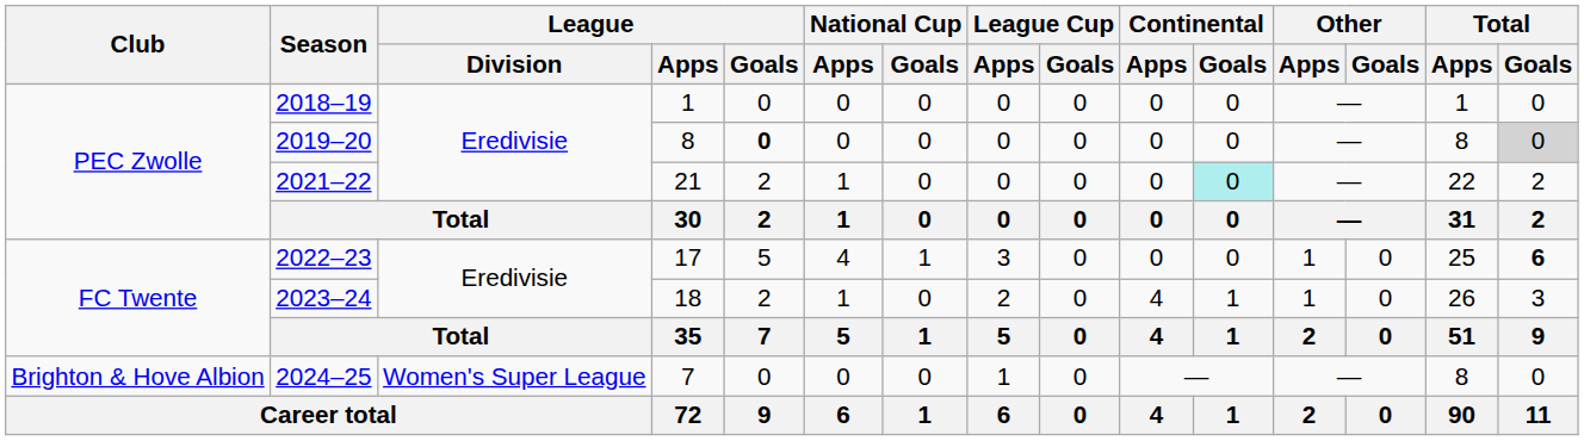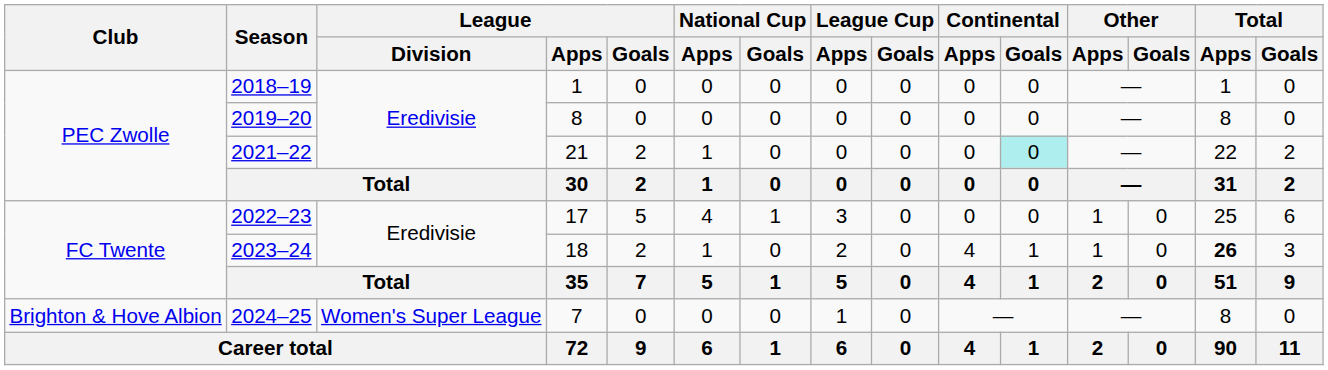 <table class="wikitable" Style="text-align: center">
 <tr>
 <th rowspan="2">Club</th>
 <th rowspan="2">Season</th>
 <th colspan="3">League</th>
 <th colspan="2">National Cup</th>
 <th colspan="2">League Cup</th>
 <th colspan="2">Continental</th>
 <th colspan="2">Other</th>
 <th colspan="2">Total</th>
 </tr>
 <tr>
 <th>Division</th>
 <th>Apps</th>
 <th>Goals</th>
 <th>Apps</th>
 <th>Goals</th>
 <th>Apps</th>
 <th>Goals</th>
 <th>Apps</th>
 <th>Goals</th>
 <th>Apps</th>
 <th>Goals</th>
 <th>Apps</th>
 <th>Goals</th>
 </tr>
 <tr>
 <td rowspan="4"><a href='#'>PEC Zwolle</a></td>
 <td><a href='#'>2018–19</a></td>
 <td rowspan="3"><a href='#'>Eredivisie</a></td>
 <td>1</td>
 <td>0</td>
 <td>0</td>
 <td>0</td>
 <td>0</td>
 <td>0</td>
 <td>0</td>
 <td>0</td>
 <td colspan="2">—</td>
 <td>1</td>
 <td>0</td>
 </tr>
 <tr>
 <td><a href='#'>2019–20</a></td>
 <td>8</td>
-<td><strong>0</strong></td>
+<td>0</td>
 <td>0</td>
 <td>0</td>
 <td>0</td>
 <td>0</td>
 <td>0</td>
 <td>0</td>
 <td colspan="2">—</td>
 <td>8</td>
-<td style="background: lightgrey;">0</td>
+<td>0</td>
 </tr>
 <tr>
 <td><a href='#'>2021–22</a></td>
 <td>21</td>
 <td>2</td>
 <td>1</td>
 <td>0</td>
 <td>0</td>
 <td>0</td>
 <td>0</td>
 <td style="background: paleturquoise;">0</td>
 <td colspan="2">—</td>
 <td>22</td>
 <td>2</td>
 </tr>
 <tr>
 <th colspan="2">Total</th>
 <th>30</th>
 <th>2</th>
 <th>1</th>
 <th>0</th>
 <th>0</th>
 <th>0</th>
 <th>0</th>
 <th>0</th>
 <th colspan="2">—</th>
 <th>31</th>
 <th>2</th>
 </tr>
 <tr>
 <td rowspan="3"><a href='#'>FC Twente</a></td>
 <td><a href='#'>2022–23</a></td>
 <td rowspan="2">Eredivisie</td>
 <td>17</td>
 <td>5</td>
 <td>4</td>
 <td>1</td>
 <td>3</td>
 <td>0</td>
 <td>0</td>
 <td>0</td>
 <td>1</td>
 <td>0</td>
 <td>25</td>
-<td><strong>6</strong></td>
+<td>6</td>
 </tr>
 <tr>
 <td><a href='#'>2023–24</a></td>
 <td>18</td>
 <td>2</td>
 <td>1</td>
 <td>0</td>
 <td>2</td>
 <td>0</td>
 <td>4</td>
 <td>1</td>
 <td>1</td>
 <td>0</td>
-<td>26</td>
+<td><strong>26</strong></td>
 <td>3</td>
 </tr>
 <tr>
 <th colspan="2">Total</th>
 <th>35</th>
 <th>7</th>
 <th>5</th>
 <th>1</th>
 <th>5</th>
 <th>0</th>
 <th>4</th>
 <th>1</th>
 <th>2</th>
 <th>0</th>
 <th>51</th>
 <th>9</th>
 </tr>
 <tr>
 <td><a href='#'>Brighton & Hove Albion</a></td>
 <td><a href='#'>2024–25</a></td>
 <td><a href='#'>Women's Super League</a></td>
 <td>7</td>
 <td>0</td>
 <td>0</td>
 <td>0</td>
 <td>1</td>
 <td>0</td>
 <td colspan="2">—</td>
 <td colspan="2">—</td>
 <td>8</td>
 <td>0</td>
 </tr>
 <tr>
 <th colspan="3">Career total</th>
 <th>72</th>
 <th>9</th>
 <th>6</th>
 <th>1</th>
 <th>6</th>
 <th>0</th>
 <th>4</th>
 <th>1</th>
 <th>2</th>
 <th>0</th>
 <th>90</th>
 <th>11</th>
 </tr>
 </table>
